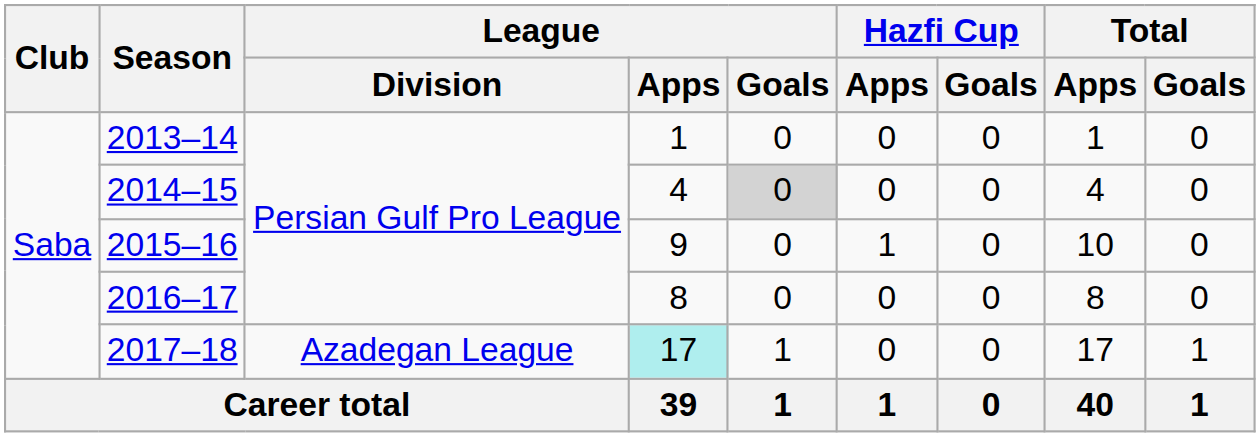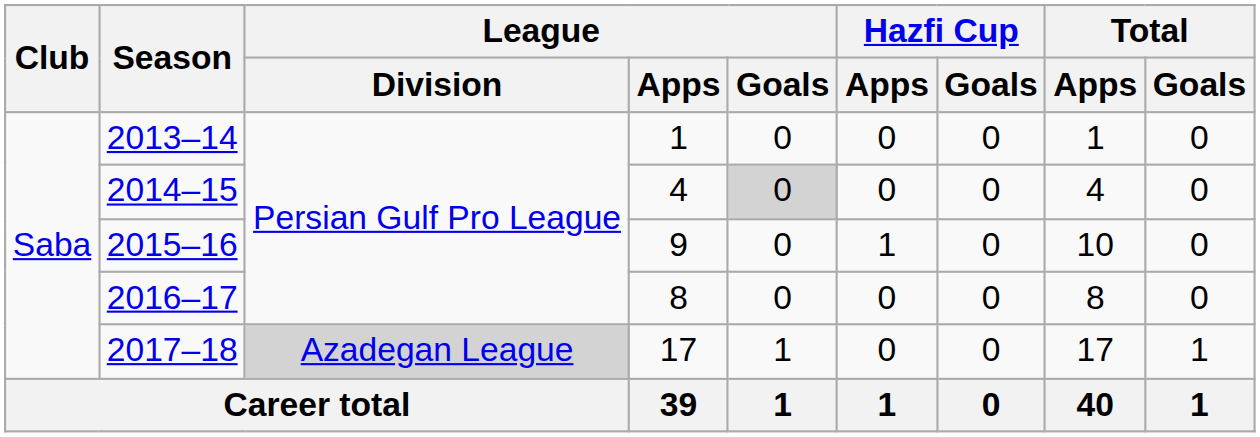 <table class="wikitable" style="text-align: center;">
 <tr>
 <th rowspan="2">Club</th>
 <th rowspan="2">Season</th>
 <th colspan="3">League</th>
 <th colspan="2"><a href='#'>Hazfi Cup</a></th>
 <th colspan="2">Total</th>
 </tr>
 <tr>
 <th>Division</th>
 <th>Apps</th>
 <th>Goals</th>
 <th>Apps</th>
 <th>Goals</th>
 <th>Apps</th>
 <th>Goals</th>
 </tr>
 <tr>
 <td rowspan="5"><a href='#'>Saba</a></td>
 <td><a href='#'>2013–14</a></td>
 <td rowspan="4"><a href='#'>Persian Gulf Pro League</a></td>
 <td>1</td>
 <td>0</td>
 <td>0</td>
 <td>0</td>
 <td>1</td>
 <td>0</td>
 </tr>
 <tr>
 <td><a href='#'>2014–15</a></td>
 <td>4</td>
 <td style="background: lightgrey;">0</td>
 <td>0</td>
 <td>0</td>
 <td>4</td>
 <td>0</td>
 </tr>
 <tr>
 <td><a href='#'>2015–16</a></td>
 <td>9</td>
 <td>0</td>
 <td>1</td>
 <td>0</td>
 <td>10</td>
 <td>0</td>
 </tr>
 <tr>
 <td><a href='#'>2016–17</a></td>
 <td>8</td>
 <td>0</td>
 <td>0</td>
 <td>0</td>
 <td>8</td>
 <td>0</td>
 </tr>
 <tr>
 <td><a href='#'>2017–18</a></td>
-<td><a href='#'>Azadegan League</a></td>
-<td style="background: paleturquoise;">17</td>
+<td style="background: lightgrey;"><a href='#'>Azadegan League</a></td>
+<td>17</td>
 <td>1</td>
 <td>0</td>
 <td>0</td>
 <td>17</td>
 <td>1</td>
 </tr>
 <tr>
 <th colspan=3>Career total</th>
 <th>39</th>
 <th>1</th>
 <th>1</th>
 <th>0</th>
 <th>40</th>
 <th>1</th>
 </tr>
 </table>
